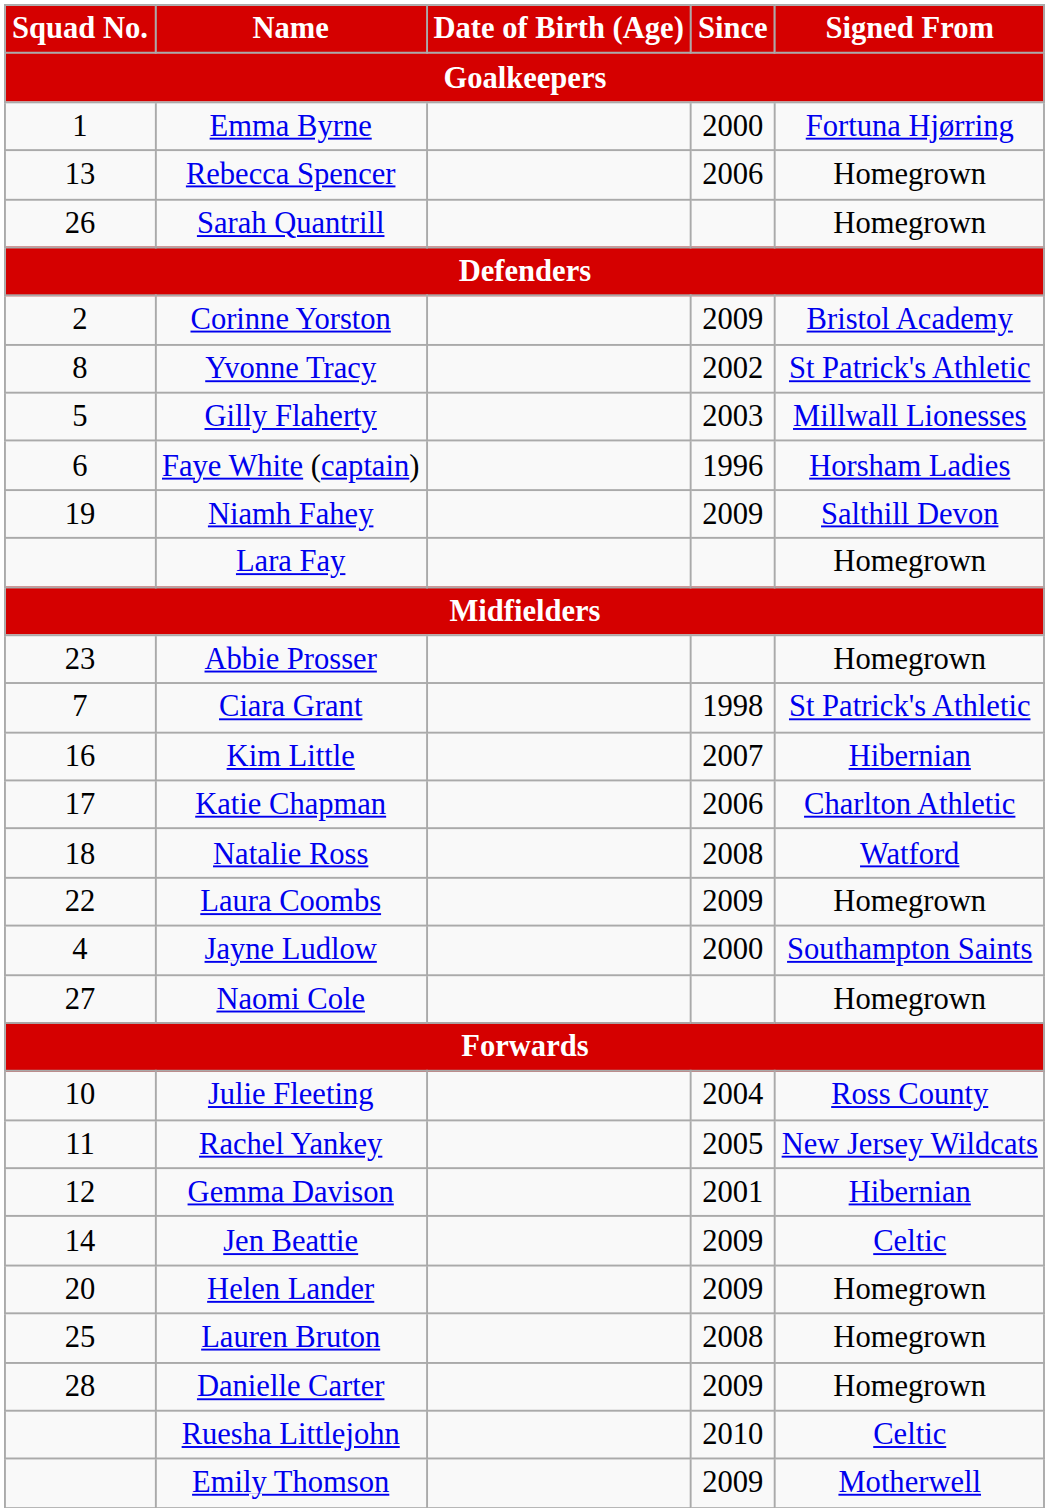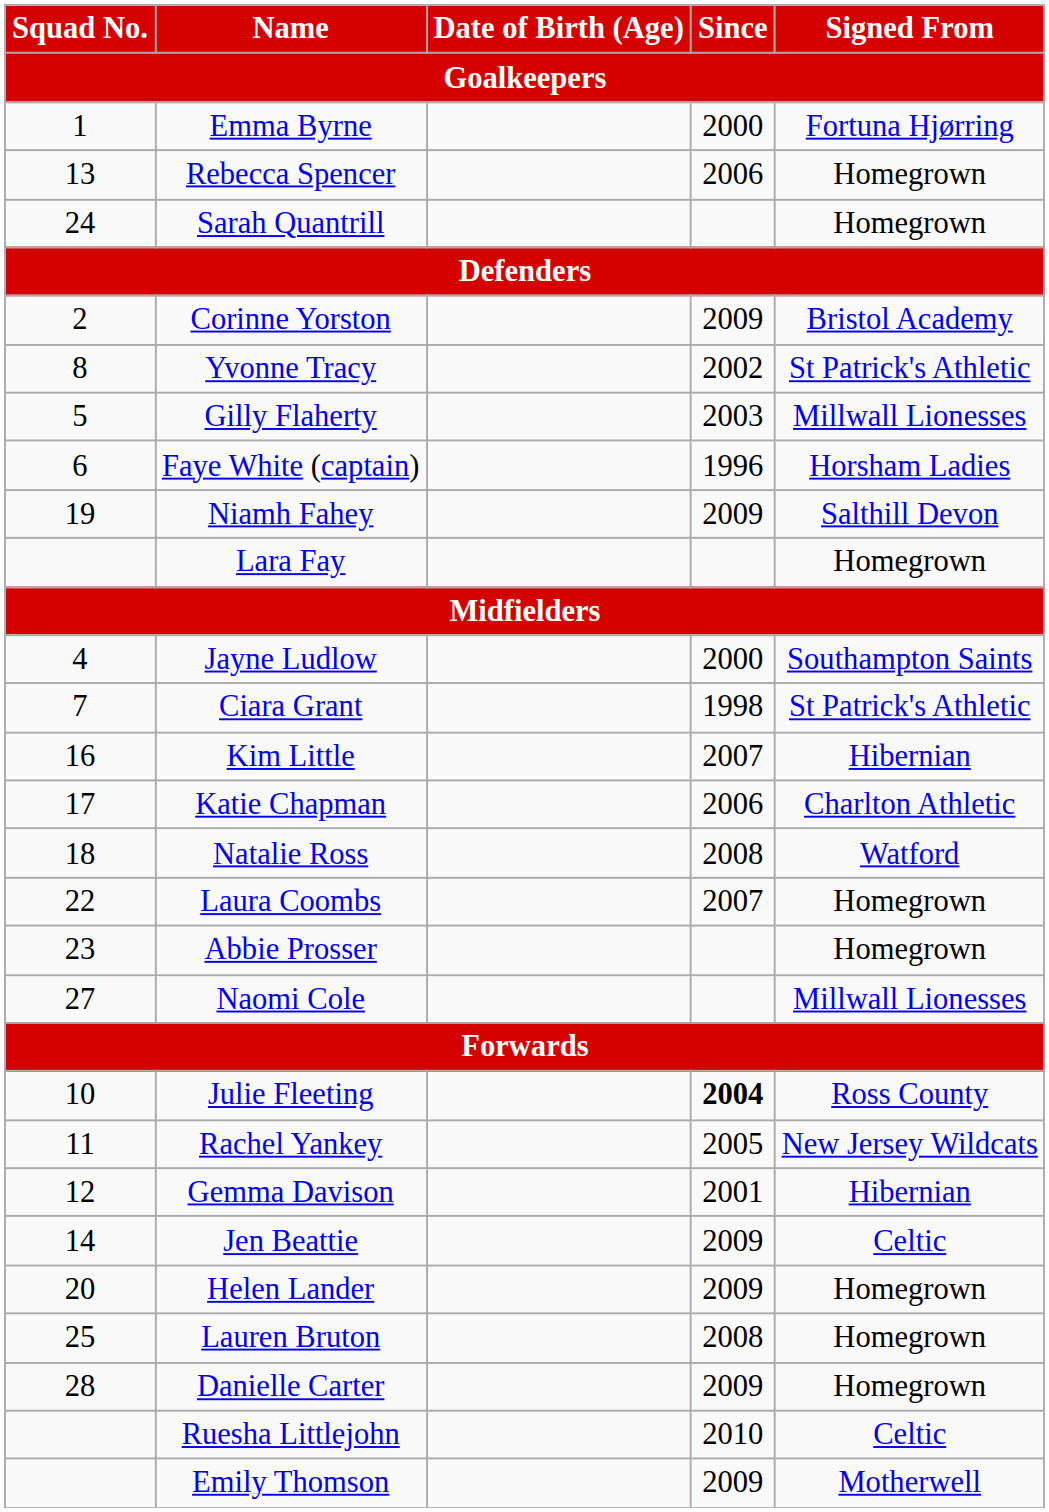 <table class="wikitable" style="text-align:center; font-size:100%; ">
 <tr>
 <th style="background:#d50000; color:white; text-align:center;">Squad No.</th>
 <th style="background:#d50000; color:white; text-align:center;">Name</th>
 <th style="background:#d50000; color:white; text-align:center;">Date of Birth (Age)</th>
 <th style="background:#d50000; color:white; text-align:center;">Since</th>
 <th style="background:#d50000; color:white; text-align:center;">Signed From</th>
 </tr>
 <tr>
 <th colspan="5" style="background:#d50000; color:white; text-align:center">Goalkeepers</th>
 </tr>
 <tr>
 <td>1</td>
 <td> <a href='#'>Emma Byrne</a></td>
 <td></td>
 <td>2000</td>
 <td> <a href='#'>Fortuna Hjørring</a></td>
 </tr>
 <tr>
 <td>13</td>
 <td><em></em> <a href='#'>Rebecca Spencer</a></td>
 <td></td>
 <td>2006</td>
 <td>Homegrown</td>
 </tr>
 <tr>
-<td>26</td>
+<td>24</td>
 <td> <a href='#'>Sarah Quantrill</a></td>
 <td></td>
 <td></td>
 <td>Homegrown</td>
 </tr>
 <tr>
 <th colspan="5" style="background:#d50000; color:white; text-align:center">Defenders</th>
 </tr>
 <tr>
 <td>2</td>
 <td> <a href='#'>Corinne Yorston</a></td>
 <td></td>
 <td>2009</td>
 <td> <a href='#'>Bristol Academy</a></td>
 </tr>
 <tr>
 <td>8</td>
 <td> <a href='#'>Yvonne Tracy</a></td>
 <td></td>
 <td>2002</td>
 <td> <a href='#'>St Patrick's Athletic</a></td>
 </tr>
 <tr>
 <td>5</td>
 <td> <a href='#'>Gilly Flaherty</a></td>
 <td></td>
 <td>2003</td>
 <td> <a href='#'>Millwall Lionesses</a></td>
 </tr>
 <tr>
 <td>6</td>
 <td> <a href='#'>Faye White</a> (<a href='#'>captain</a>)</td>
 <td></td>
 <td>1996</td>
 <td> <a href='#'>Horsham Ladies</a></td>
 </tr>
 <tr>
 <td>19</td>
 <td> <a href='#'>Niamh Fahey</a></td>
 <td></td>
 <td>2009</td>
 <td> <a href='#'>Salthill Devon</a></td>
 </tr>
 <tr>
 <td></td>
 <td> <a href='#'>Lara Fay</a></td>
 <td></td>
 <td></td>
 <td>Homegrown</td>
 </tr>
 <tr>
 <th colspan="5" style="background:#d50000; color:white; text-align:center">Midfielders</th>
 </tr>
 <tr>
-<td>23</td>
-<td> <a href='#'>Abbie Prosser</a></td>
+<td>4</td>
+<td> <a href='#'>Jayne Ludlow</a></td>
 <td></td>
-<td></td>
-<td>Homegrown</td>
+<td>2000</td>
+<td><em></em> <a href='#'>Southampton Saints</a></td>
 </tr>
 <tr>
 <td>7</td>
 <td> <a href='#'>Ciara Grant</a></td>
 <td></td>
 <td>1998</td>
 <td> <a href='#'>St Patrick's Athletic</a></td>
 </tr>
 <tr>
 <td>16</td>
 <td> <a href='#'>Kim Little</a></td>
 <td></td>
 <td>2007</td>
 <td> <a href='#'>Hibernian</a></td>
 </tr>
 <tr>
 <td>17</td>
 <td><em></em> <a href='#'>Katie Chapman</a></td>
 <td></td>
 <td>2006</td>
 <td> <a href='#'>Charlton Athletic</a></td>
 </tr>
 <tr>
 <td>18</td>
 <td> <a href='#'>Natalie Ross</a></td>
 <td></td>
 <td>2008</td>
 <td> <a href='#'>Watford</a></td>
 </tr>
 <tr>
 <td>22</td>
 <td><em></em> <a href='#'>Laura Coombs</a></td>
 <td></td>
-<td>2009</td>
+<td>2007</td>
 <td>Homegrown</td>
 </tr>
 <tr>
-<td>4</td>
-<td> <a href='#'>Jayne Ludlow</a></td>
+<td>23</td>
+<td> <a href='#'>Abbie Prosser</a></td>
 <td></td>
-<td>2000</td>
-<td><em></em> <a href='#'>Southampton Saints</a></td>
+<td></td>
+<td>Homegrown</td>
 </tr>
 <tr>
 <td>27</td>
 <td> <a href='#'>Naomi Cole</a></td>
 <td></td>
 <td></td>
-<td>Homegrown</td>
+<td> <a href='#'>Millwall Lionesses</a></td>
 </tr>
 <tr>
 <th colspan="5" style="background:#d50000; color:white; text-align:center">Forwards</th>
 </tr>
 <tr>
 <td>10</td>
 <td> <a href='#'>Julie Fleeting</a></td>
 <td></td>
-<td>2004</td>
+<td><strong>2004</strong></td>
 <td> <a href='#'>Ross County</a></td>
 </tr>
 <tr>
 <td>11</td>
 <td> <a href='#'>Rachel Yankey</a></td>
 <td></td>
 <td>2005</td>
 <td> <a href='#'>New Jersey Wildcats</a></td>
 </tr>
 <tr>
 <td>12</td>
 <td> <a href='#'>Gemma Davison</a></td>
 <td></td>
 <td>2001</td>
 <td> <a href='#'>Hibernian</a></td>
 </tr>
 <tr>
 <td>14</td>
 <td> <a href='#'>Jen Beattie</a></td>
 <td></td>
 <td>2009</td>
 <td> <a href='#'>Celtic</a></td>
 </tr>
 <tr>
 <td>20</td>
 <td> <a href='#'>Helen Lander</a></td>
 <td></td>
 <td>2009</td>
 <td>Homegrown</td>
 </tr>
 <tr>
 <td>25</td>
 <td> <a href='#'>Lauren Bruton</a></td>
 <td></td>
 <td>2008</td>
 <td>Homegrown</td>
 </tr>
 <tr>
 <td>28</td>
 <td> <a href='#'>Danielle Carter</a></td>
 <td></td>
 <td>2009</td>
 <td>Homegrown</td>
 </tr>
 <tr>
 <td></td>
 <td> <a href='#'>Ruesha Littlejohn</a></td>
 <td></td>
 <td>2010</td>
 <td> <a href='#'>Celtic</a></td>
 </tr>
 <tr>
 <td></td>
 <td> <a href='#'>Emily Thomson</a></td>
 <td></td>
 <td>2009</td>
 <td> <a href='#'>Motherwell</a></td>
 </tr>
 </table>
